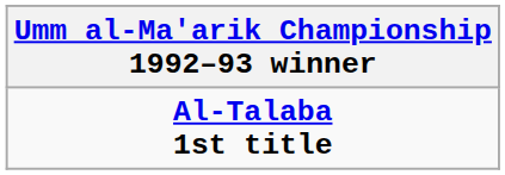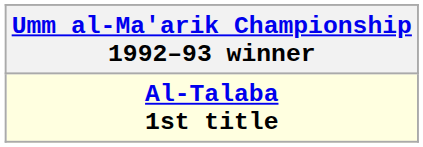 <table class="wikitable" style="text-align: center; margin: 0 auto;">
 <tr>
 <th><a href='#'>Umm al-Ma'arik Championship</a><br>1992–93 winner</th>
 </tr>
 <tr>
-<td><strong><a href='#'>Al-Talaba</a></strong><br><strong>1st title</strong></td>
+<td style="background: lightyellow;"><strong><a href='#'>Al-Talaba</a></strong><br><strong>1st title</strong></td>
 </tr>
 </table>
